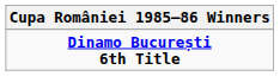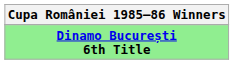 <table class="wikitable" style="text-align: center; margin: 0 auto;">
 <tr>
 <th>Cupa României 1985–86 Winners</th>
 </tr>
 <tr>
 </tr>
 <tr>
-<td><strong><a href='#'>Dinamo București</a></strong><br><strong>6th Title</strong></td>
+<td style="background: lightgreen;"><strong><a href='#'>Dinamo București</a></strong><br><strong>6th Title</strong></td>
 </tr>
 </table>
